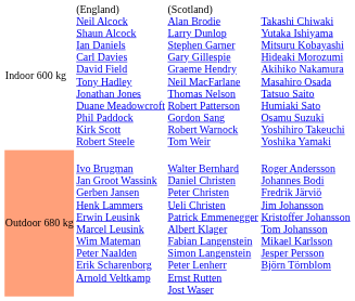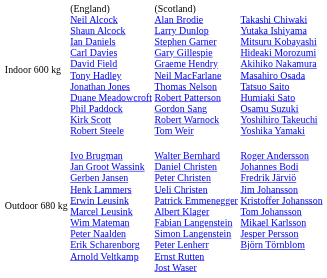 <table>
 <tr>
 <td>Indoor 600 kg<br></td>
 <td> (England)<br><a href='#'>Neil Alcock</a><br><a href='#'>Shaun Alcock</a><br><a href='#'>Ian Daniels</a><br><a href='#'>Carl Davies</a><br><a href='#'>David Field</a><br><a href='#'>Tony Hadley</a><br><a href='#'>Jonathan Jones</a><br><a href='#'>Duane Meadowcroft</a><br><a href='#'>Phil Paddock</a><br><a href='#'>Kirk Scott</a><br><a href='#'>Robert Steele</a></td>
 <td> (Scotland)<br><a href='#'>Alan Brodie</a><br><a href='#'>Larry Dunlop</a><br><a href='#'>Stephen Garner</a><br><a href='#'>Gary Gillespie</a><br><a href='#'>Graeme Hendry</a><br><a href='#'>Neil MacFarlane</a><br><a href='#'>Thomas Nelson</a><br><a href='#'>Robert Patterson</a><br><a href='#'>Gordon Sang</a><br><a href='#'>Robert Warnock</a><br><a href='#'>Tom Weir</a></td>
 <td><br><a href='#'>Takashi Chiwaki</a><br><a href='#'>Yutaka Ishiyama</a><br><a href='#'>Mitsuru Kobayashi</a><br><a href='#'>Hideaki Morozumi</a><br><a href='#'>Akihiko Nakamura</a><br><a href='#'>Masahiro Osada</a><br><a href='#'>Tatsuo Saito</a><br><a href='#'>Humiaki Sato</a><br><a href='#'>Osamu Suzuki</a><br><a href='#'>Yoshihiro Takeuchi</a><br><a href='#'>Yoshika Yamaki</a></td>
 </tr>
 <tr>
-<td style="background: lightsalmon;">Outdoor 680 kg<br></td>
+<td>Outdoor 680 kg<br></td>
 <td valign=top><br><a href='#'>Ivo Brugman</a><br><a href='#'>Jan Groot Wassink</a><br><a href='#'>Gerben Jansen</a><br><a href='#'>Henk Lammers</a><br><a href='#'>Erwin Leusink</a><br><a href='#'>Marcel Leusink</a><br><a href='#'>Wim Mateman</a><br><a href='#'>Peter Naalden</a><br><a href='#'>Erik Scharenborg</a><br><a href='#'>Arnold Veltkamp</a></td>
 <td><br><a href='#'>Walter Bernhard</a><br><a href='#'>Daniel Christen</a><br><a href='#'>Peter Christen</a><br><a href='#'>Ueli Christen</a><br><a href='#'>Patrick Emmenegger</a><br><a href='#'>Albert Klager</a><br><a href='#'>Fabian Langenstein</a><br><a href='#'>Simon Langenstein</a><br><a href='#'>Peter Lenherr</a><br><a href='#'>Ernst Rutten</a><br><a href='#'>Jost Waser</a></td>
 <td valign=top><br><a href='#'>Roger Andersson</a><br><a href='#'>Johannes Bodi</a><br><a href='#'>Fredrik Järviö</a><br><a href='#'>Jim Johansson</a><br><a href='#'>Kristoffer Johansson</a><br><a href='#'>Tom Johansson</a><br><a href='#'>Mikael Karlsson</a><br><a href='#'>Jesper Persson</a><br><a href='#'>Björn Törnblom</a></td>
 </tr>
 </table>
